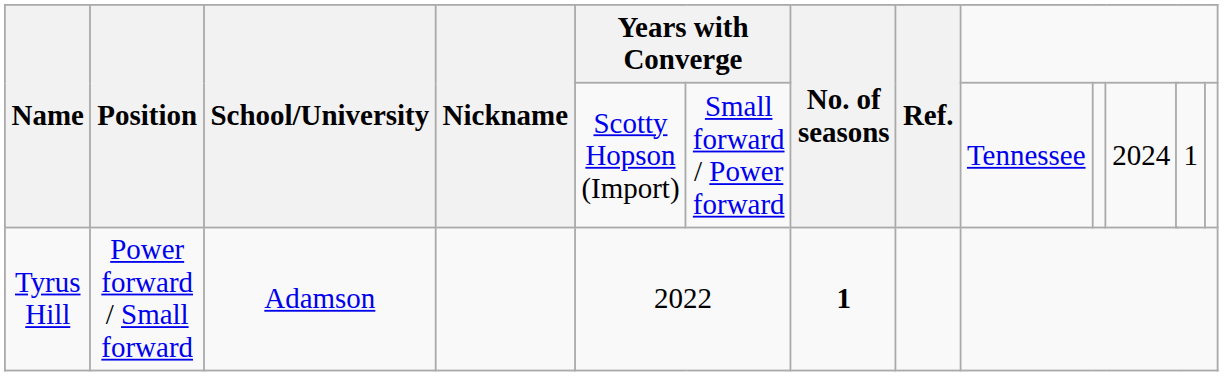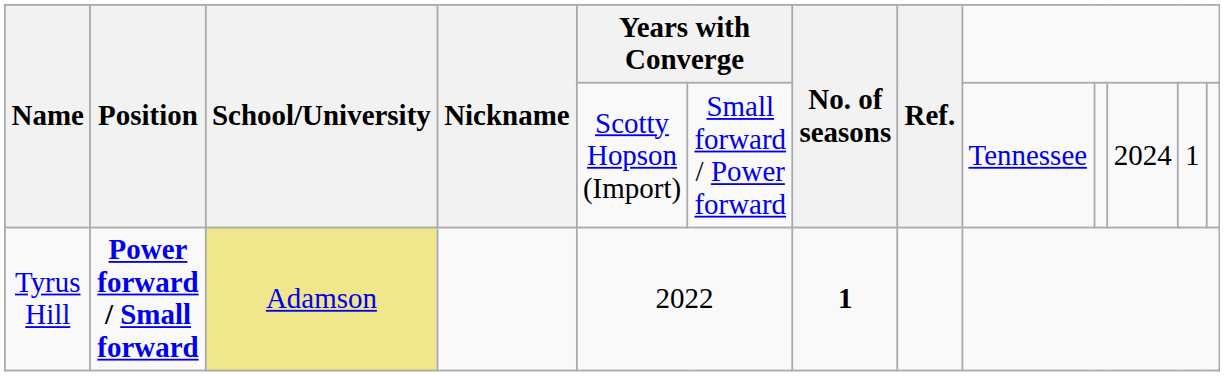 <table class="wikitable sortable" style="text-align:center" width="98%">
 <tr>
 <th style="width:180px;" rowspan="2">Name</th>
 <th style="width:180px;" rowspan="2">Position</th>
 <th style="width:250px;" rowspan="2">School/University</th>
 <th style="width:180px;" rowspan="2">Nickname</th>
 <th style="width:180px; text-align:center;" colspan="2">Years with Converge</th>
 <th rowspan="2">No. of seasons</th>
 <th rowspan="2"; class=unsortable>Ref.</th>
 </tr>
 <tr>
 <td><a href='#'>Scotty Hopson</a> (Import)</td>
 <td><a href='#'>Small forward</a> / <a href='#'>Power forward</a></td>
 <td><a href='#'>Tennessee</a></td>
 <td></td>
 <td colspan="2">2024</td>
 <td>1</td>
 <td></td>
 </tr>
 <tr>
 <td><a href='#'>Tyrus Hill</a></td>
-<td><a href='#'>Power forward</a> / <a href='#'>Small forward</a></td>
-<td><a href='#'>Adamson</a></td>
+<td><strong><a href='#'>Power forward</a> / <a href='#'>Small forward</a></strong></td>
+<td style="background: khaki;"><a href='#'>Adamson</a></td>
 <td></td>
 <td colspan="2">2022</td>
 <td><strong>1</strong></td>
 <td></td>
 </tr>
 </table>
